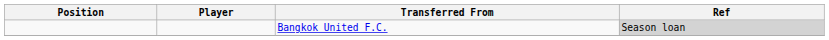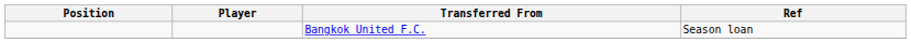 <table class="wikitable sortable" style="width:70%; text-align:center; font-size:100%; text-align:left;">
 <tr>
 <th><strong>Position</strong></th>
 <th><strong>Player</strong></th>
 <th><strong>Transferred From</strong></th>
 <th><strong>Ref</strong></th>
 </tr>
 <tr>
 <td></td>
 <td></td>
 <td> <a href='#'>Bangkok United F.C.</a></td>
-<td style="background: lightgrey;">Season loan </td>
+<td>Season loan </td>
 </tr>
 <tr>
 </tr>
 </table>
